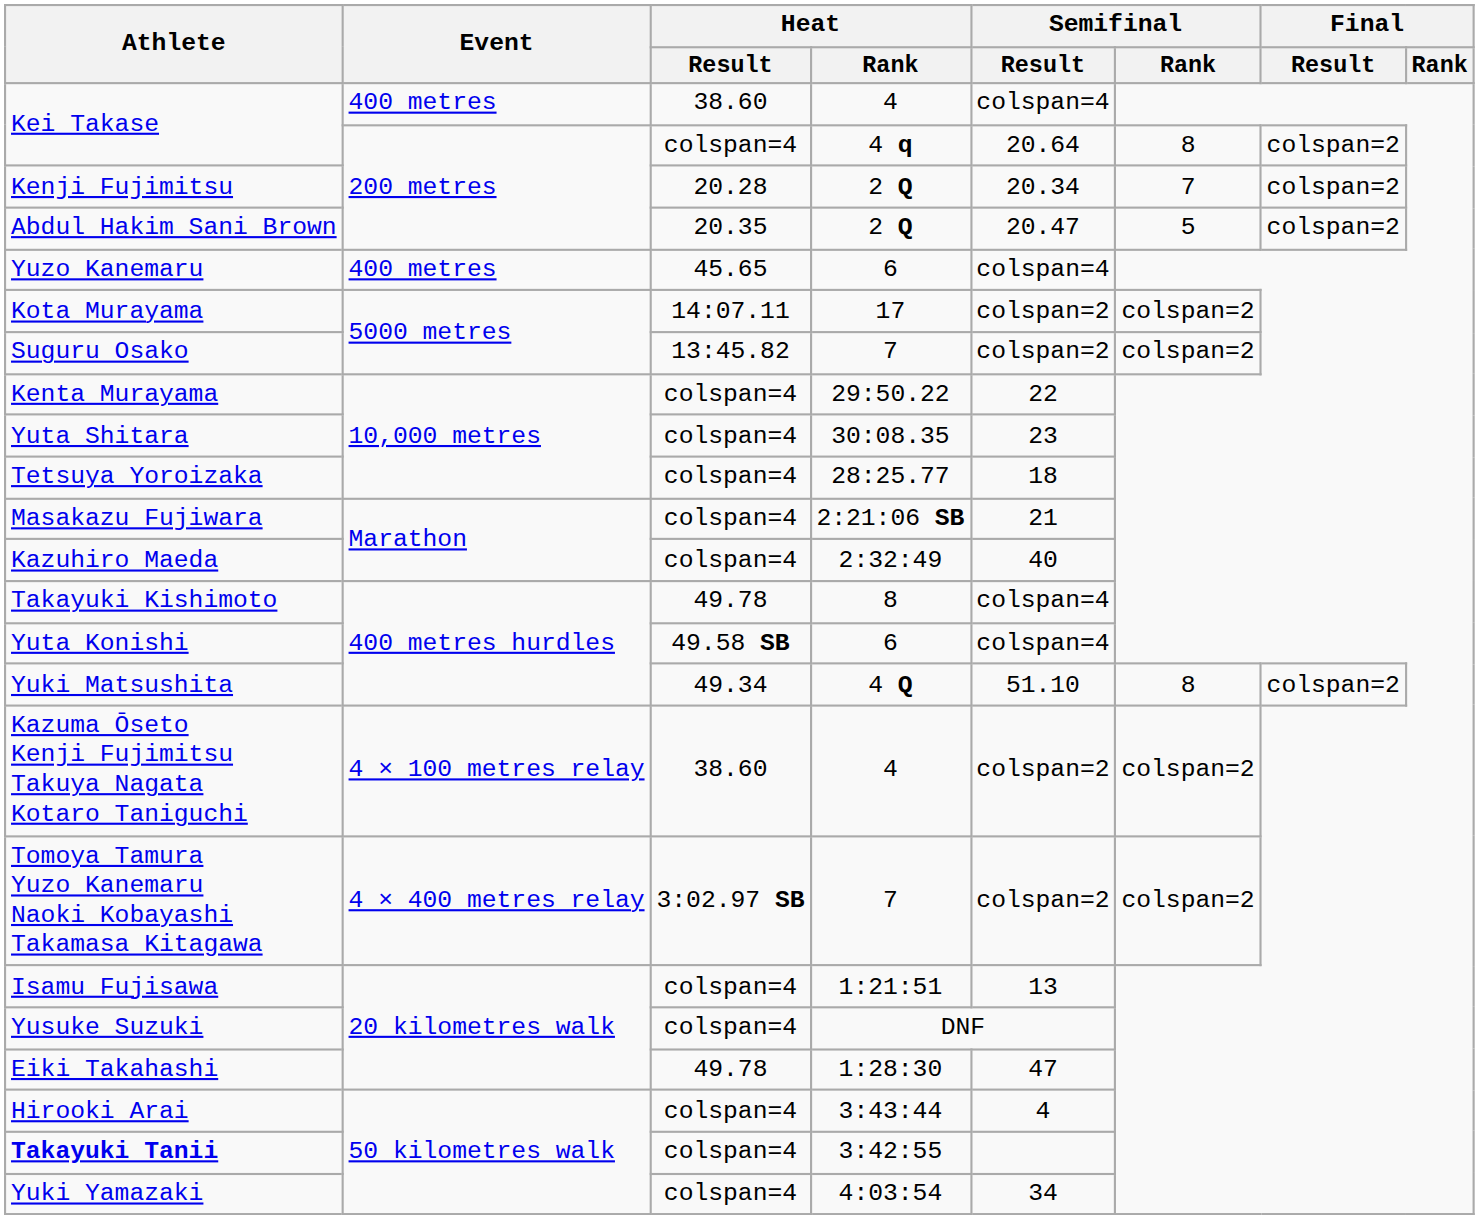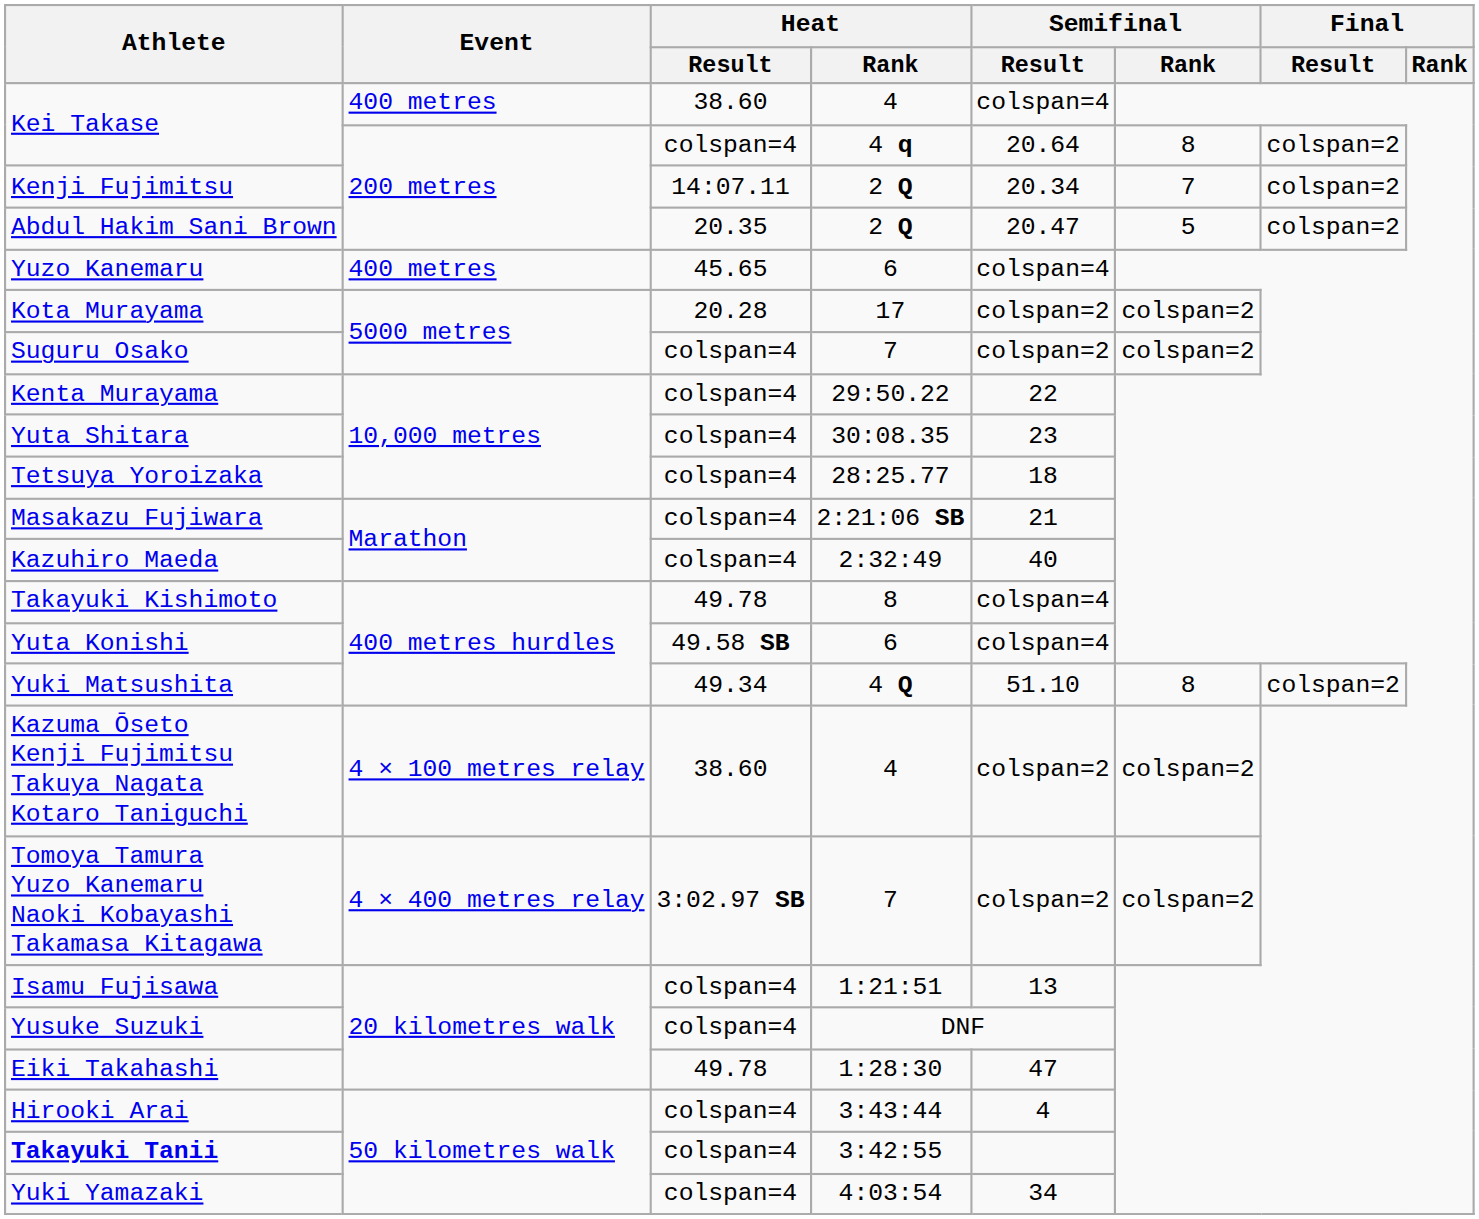 <table class="wikitable" style="font-size:90%">
 <tr>
 <th rowspan="2">Athlete</th>
 <th rowspan="2">Event</th>
 <th colspan="2">Heat</th>
 <th colspan="2">Semifinal</th>
 <th colspan="2">Final</th>
 </tr>
 <tr style="font-size:95%">
 <th>Result</th>
 <th>Rank</th>
 <th>Result</th>
 <th>Rank</th>
 <th>Result</th>
 <th>Rank</th>
 </tr>
 <tr style=text-align:center>
 <td style=text-align:left rowspan=2><a href='#'>Kei Takase</a></td>
 <td style=text-align:left><a href='#'>400 metres</a></td>
 <td>38.60</td>
 <td>4</td>
 <td>colspan=4 </td>
 </tr>
 <tr style=text-align:center>
 <td style=text-align:left rowspan=3><a href='#'>200 metres</a></td>
 <td>colspan=4 </td>
 <td>4 <strong>q</strong></td>
 <td>20.64</td>
 <td>8</td>
 <td>colspan=2 </td>
 </tr>
 <tr style=text-align:center>
 <td style=text-align:left><a href='#'>Kenji Fujimitsu</a></td>
-<td>20.28</td>
+<td>14:07.11</td>
 <td>2 <strong>Q</strong></td>
 <td>20.34</td>
 <td>7</td>
 <td>colspan=2 </td>
 </tr>
 <tr style=text-align:center>
 <td style=text-align:left><a href='#'>Abdul Hakim Sani Brown</a></td>
 <td>20.35</td>
 <td>2 <strong>Q</strong></td>
 <td>20.47</td>
 <td>5</td>
 <td>colspan=2 </td>
 </tr>
 <tr style=text-align:center>
 <td style=text-align:left><a href='#'>Yuzo Kanemaru</a></td>
 <td style=text-align:left><a href='#'>400 metres</a></td>
 <td>45.65</td>
 <td>6</td>
 <td>colspan=4 </td>
 </tr>
 <tr style=text-align:center>
 <td style=text-align:left><a href='#'>Kota Murayama</a></td>
 <td style=text-align:left rowspan=2><a href='#'>5000 metres</a></td>
-<td>14:07.11</td>
+<td>20.28</td>
 <td>17</td>
 <td>colspan=2 </td>
 <td>colspan=2 </td>
 </tr>
 <tr style=text-align:center>
 <td style=text-align:left><a href='#'>Suguru Osako</a></td>
-<td>13:45.82</td>
+<td>colspan=4 </td>
 <td>7</td>
 <td>colspan=2 </td>
 <td>colspan=2 </td>
 </tr>
 <tr style=text-align:center>
 <td style=text-align:left><a href='#'>Kenta Murayama</a></td>
 <td style=text-align:left rowspan=3><a href='#'>10,000 metres</a></td>
 <td>colspan=4 </td>
 <td>29:50.22</td>
 <td>22</td>
 </tr>
 <tr style=text-align:center>
 <td style=text-align:left><a href='#'>Yuta Shitara</a></td>
 <td>colspan=4 </td>
 <td>30:08.35</td>
 <td>23</td>
 </tr>
 <tr style=text-align:center>
 <td style=text-align:left><a href='#'>Tetsuya Yoroizaka</a></td>
 <td>colspan=4 </td>
 <td>28:25.77</td>
 <td>18</td>
 </tr>
 <tr style=text-align:center>
 <td style=text-align:left><a href='#'>Masakazu Fujiwara</a></td>
 <td style=text-align:left rowspan=2><a href='#'>Marathon</a></td>
 <td>colspan=4 </td>
 <td>2:21:06 <strong>SB</strong></td>
 <td>21</td>
 </tr>
 <tr style=text-align:center>
 <td style=text-align:left><a href='#'>Kazuhiro Maeda</a></td>
 <td>colspan=4 </td>
 <td>2:32:49</td>
 <td>40</td>
 </tr>
 <tr style=text-align:center>
 <td style=text-align:left><a href='#'>Takayuki Kishimoto</a></td>
 <td style=text-align:left rowspan=3><a href='#'>400 metres hurdles</a></td>
 <td>49.78</td>
 <td>8</td>
 <td>colspan=4 </td>
 </tr>
 <tr style=text-align:center>
 <td style=text-align:left><a href='#'>Yuta Konishi</a></td>
 <td>49.58 <strong>SB</strong></td>
 <td>6</td>
 <td>colspan=4 </td>
 </tr>
 <tr style=text-align:center>
 <td style=text-align:left><a href='#'>Yuki Matsushita</a></td>
 <td>49.34</td>
 <td>4 <strong>Q</strong></td>
 <td>51.10</td>
 <td>8</td>
 <td>colspan=2 </td>
 </tr>
 <tr style=text-align:center>
 <td style=text-align:left><a href='#'>Kazuma Ōseto</a><br><a href='#'>Kenji Fujimitsu</a><br><a href='#'>Takuya Nagata</a><br><a href='#'>Kotaro Taniguchi</a></td>
 <td style=text-align:left><a href='#'>4 × 100 metres relay</a></td>
 <td>38.60</td>
 <td>4</td>
 <td>colspan=2 </td>
 <td>colspan=2 </td>
 </tr>
 <tr style=text-align:center>
 <td style=text-align:left><a href='#'>Tomoya Tamura</a><br><a href='#'>Yuzo Kanemaru</a><br><a href='#'>Naoki Kobayashi</a><br><a href='#'>Takamasa Kitagawa</a></td>
 <td style=text-align:left><a href='#'>4 × 400 metres relay</a></td>
 <td>3:02.97 <strong>SB</strong></td>
 <td>7</td>
 <td>colspan=2 </td>
 <td>colspan=2 </td>
 </tr>
 <tr style=text-align:center>
 <td style=text-align:left><a href='#'>Isamu Fujisawa</a></td>
 <td style=text-align:left rowspan=3><a href='#'>20 kilometres walk</a></td>
 <td>colspan=4 </td>
 <td>1:21:51</td>
 <td>13</td>
 </tr>
 <tr style=text-align:center>
 <td style=text-align:left><a href='#'>Yusuke Suzuki</a></td>
 <td>colspan=4 </td>
 <td colspan=2>DNF</td>
 </tr>
 <tr style=text-align:center>
 <td style=text-align:left><a href='#'>Eiki Takahashi</a></td>
 <td>49.78</td>
 <td>1:28:30</td>
 <td>47</td>
 </tr>
 <tr style=text-align:center>
 <td style=text-align:left><a href='#'>Hirooki Arai</a></td>
 <td style=text-align:left rowspan=3><a href='#'>50 kilometres walk</a></td>
 <td>colspan=4 </td>
 <td>3:43:44</td>
 <td>4</td>
 </tr>
 <tr style=text-align:center>
 <td style=text-align:left><strong><a href='#'>Takayuki Tanii</a></strong></td>
 <td>colspan=4 </td>
 <td>3:42:55</td>
 <td></td>
 </tr>
 <tr style=text-align:center>
 <td style=text-align:left><a href='#'>Yuki Yamazaki</a></td>
 <td>colspan=4 </td>
 <td>4:03:54</td>
 <td>34</td>
 </tr>
 </table>
